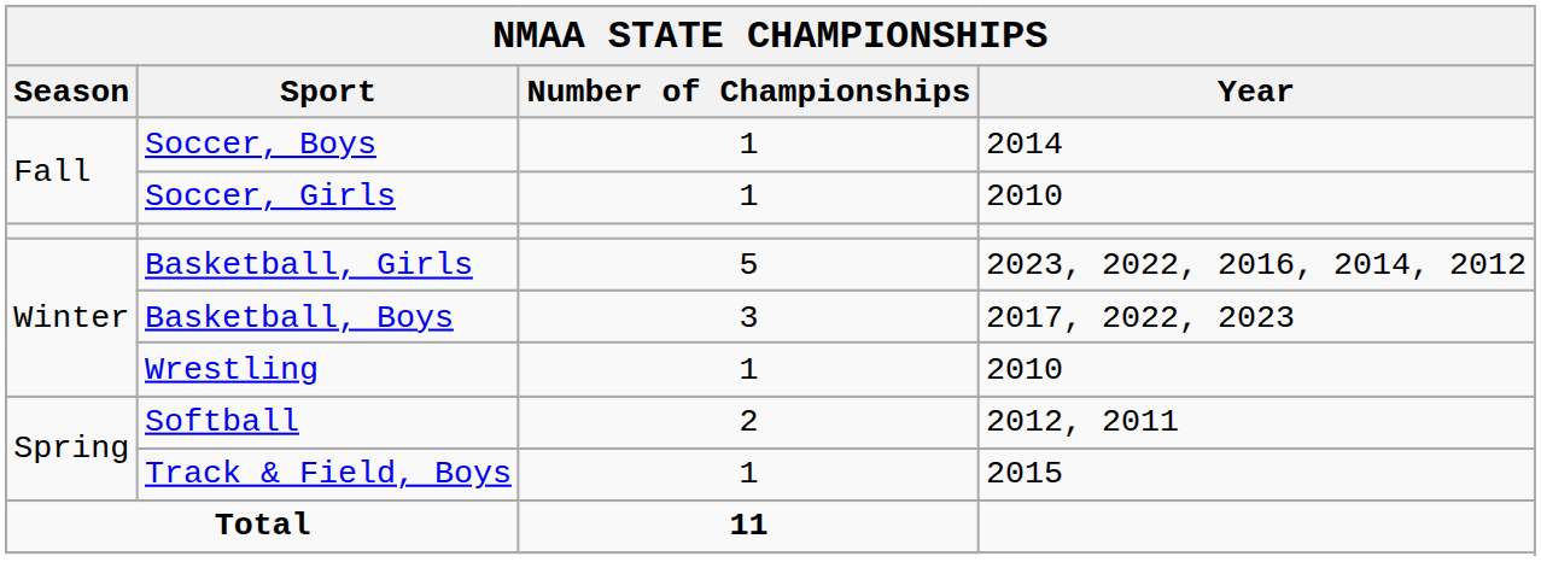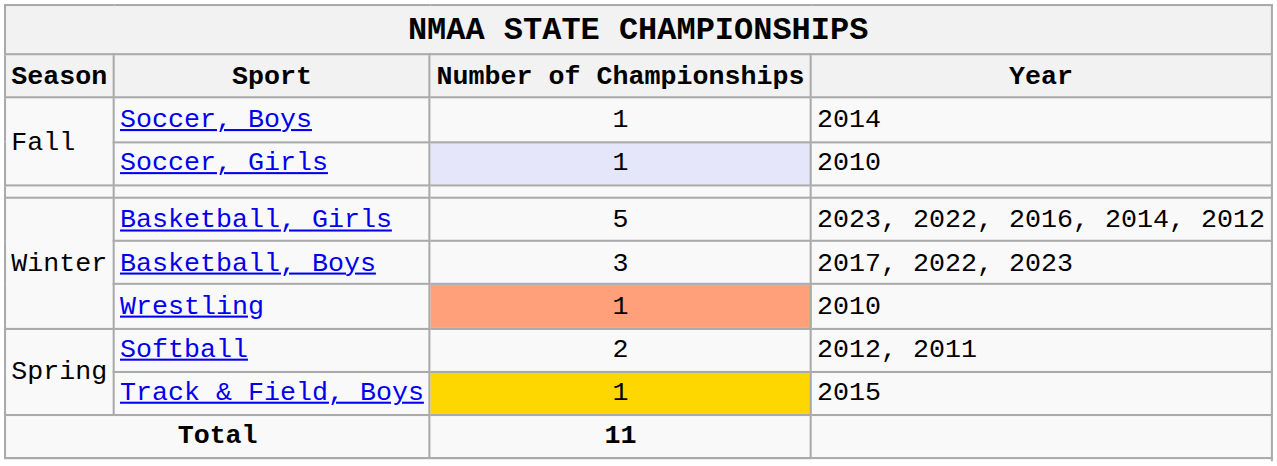 <table class="wikitable">
 <tr>
 <th colspan="4"><big> NMAA STATE CHAMPIONSHIPS</big></th>
 </tr>
 <tr>
 <th>Season</th>
 <th>Sport</th>
 <th>Number of Championships</th>
 <th>Year</th>
 </tr>
 <tr>
 <td rowspan="2">Fall</td>
 <td><a href='#'>Soccer, Boys</a></td>
 <td align="center">1</td>
 <td>2014</td>
 </tr>
 <tr>
 <td><a href='#'>Soccer, Girls</a></td>
-<td align="center">1</td>
+<td align="center" style="background: lavender;">1</td>
 <td>2010</td>
 </tr>
 <tr>
 <td></td>
 <td></td>
 <td></td>
 <td></td>
 </tr>
 <tr>
 <td rowspan="3">Winter</td>
 <td><a href='#'>Basketball, Girls</a></td>
 <td align="center">5</td>
 <td>2023, 2022, 2016, 2014, 2012</td>
 </tr>
 <tr>
 <td><a href='#'>Basketball, Boys</a></td>
 <td align="center">3</td>
 <td>2017, 2022, 2023</td>
 </tr>
 <tr>
 <td><a href='#'>Wrestling</a></td>
-<td align="center">1</td>
+<td align="center" style="background: lightsalmon;">1</td>
 <td>2010</td>
 </tr>
 <tr>
 <td rowspan="2">Spring</td>
 <td><a href='#'>Softball</a></td>
 <td align="center">2</td>
 <td>2012, 2011</td>
 </tr>
 <tr>
 <td><a href='#'>Track & Field, Boys</a></td>
-<td align="center">1</td>
+<td align="center" style="background: gold;">1</td>
 <td>2015</td>
 </tr>
 <tr>
 <td align="center" colspan="2"><strong>Total</strong></td>
 <td align="center"><strong>11</strong></td>
 </tr>
 <tr>
 </tr>
 </table>
